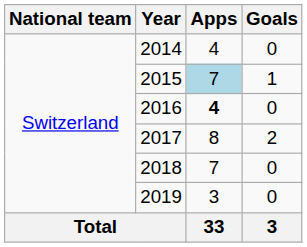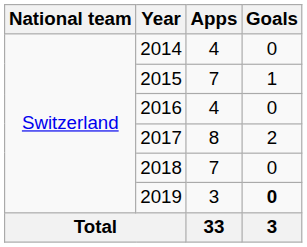 <table class="wikitable" style="text-align:center">
 <tr>
 <th>National team</th>
 <th>Year</th>
 <th>Apps</th>
 <th>Goals</th>
 </tr>
 <tr>
 <td rowspan="6"><a href='#'>Switzerland</a></td>
 <td>2014</td>
 <td>4</td>
 <td>0</td>
 </tr>
 <tr>
 <td>2015</td>
-<td style="background: lightblue;">7</td>
+<td>7</td>
 <td>1</td>
 </tr>
 <tr>
 <td>2016</td>
-<td><strong>4</strong></td>
+<td>4</td>
 <td>0</td>
 </tr>
 <tr>
 <td>2017</td>
 <td>8</td>
 <td>2</td>
 </tr>
 <tr>
 <td>2018</td>
 <td>7</td>
 <td>0</td>
 </tr>
 <tr>
 <td>2019</td>
 <td>3</td>
-<td>0</td>
+<td><strong>0</strong></td>
 </tr>
 <tr>
 <th colspan="2">Total</th>
 <th>33</th>
 <th>3</th>
 </tr>
 </table>
